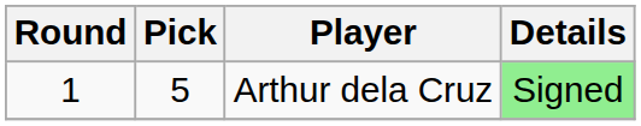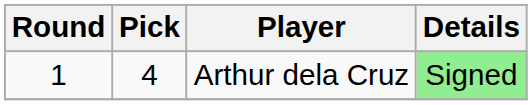 <table class="wikitable sortable sortable">
 <tr>
 <th>Round</th>
 <th>Pick</th>
 <th>Player</th>
 <th>Details</th>
 </tr>
 <tr style="text-align: center">
 <td>1</td>
-<td>5</td>
+<td>4</td>
 <td>Arthur dela Cruz</td>
 <td style="background: lightgreen;">Signed</td>
 </tr>
 <tr>
 </tr>
 </table>
